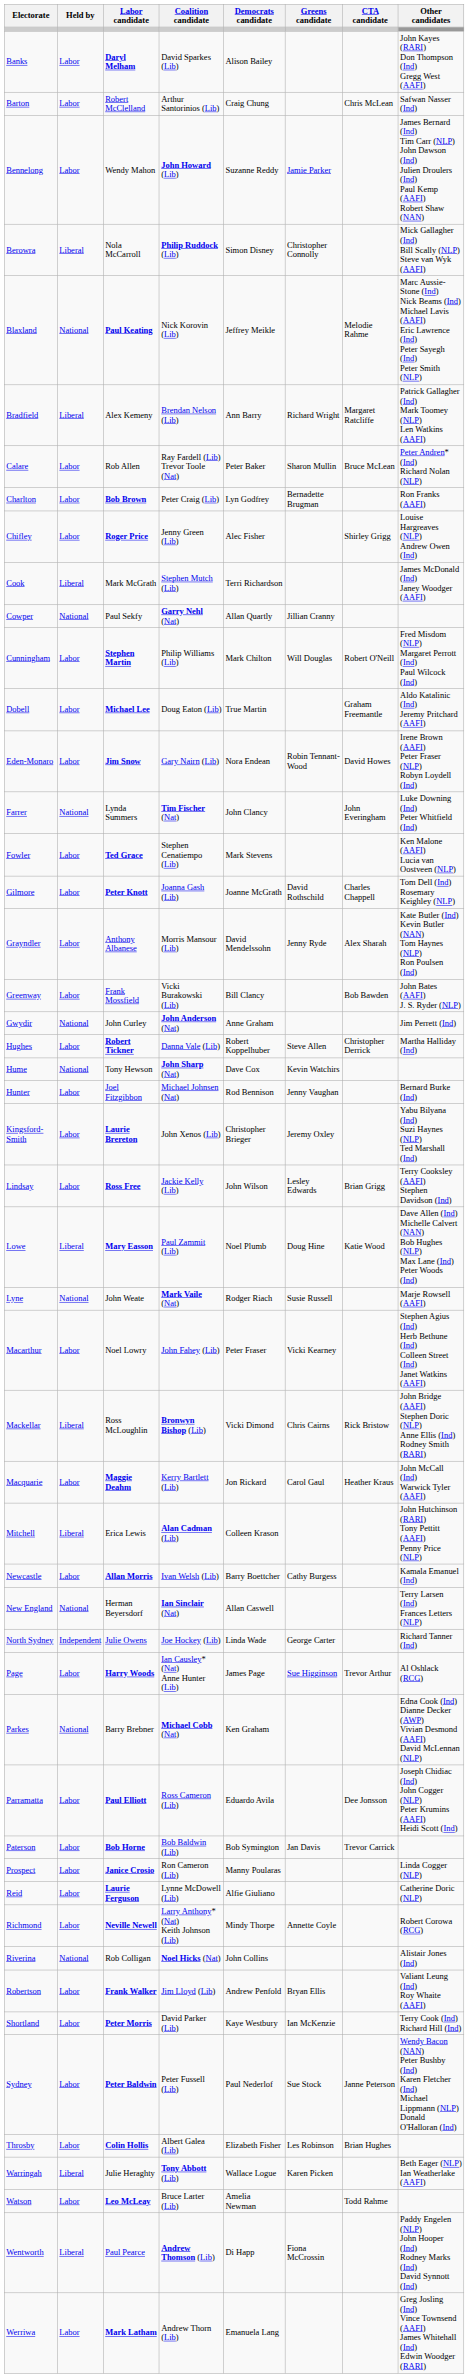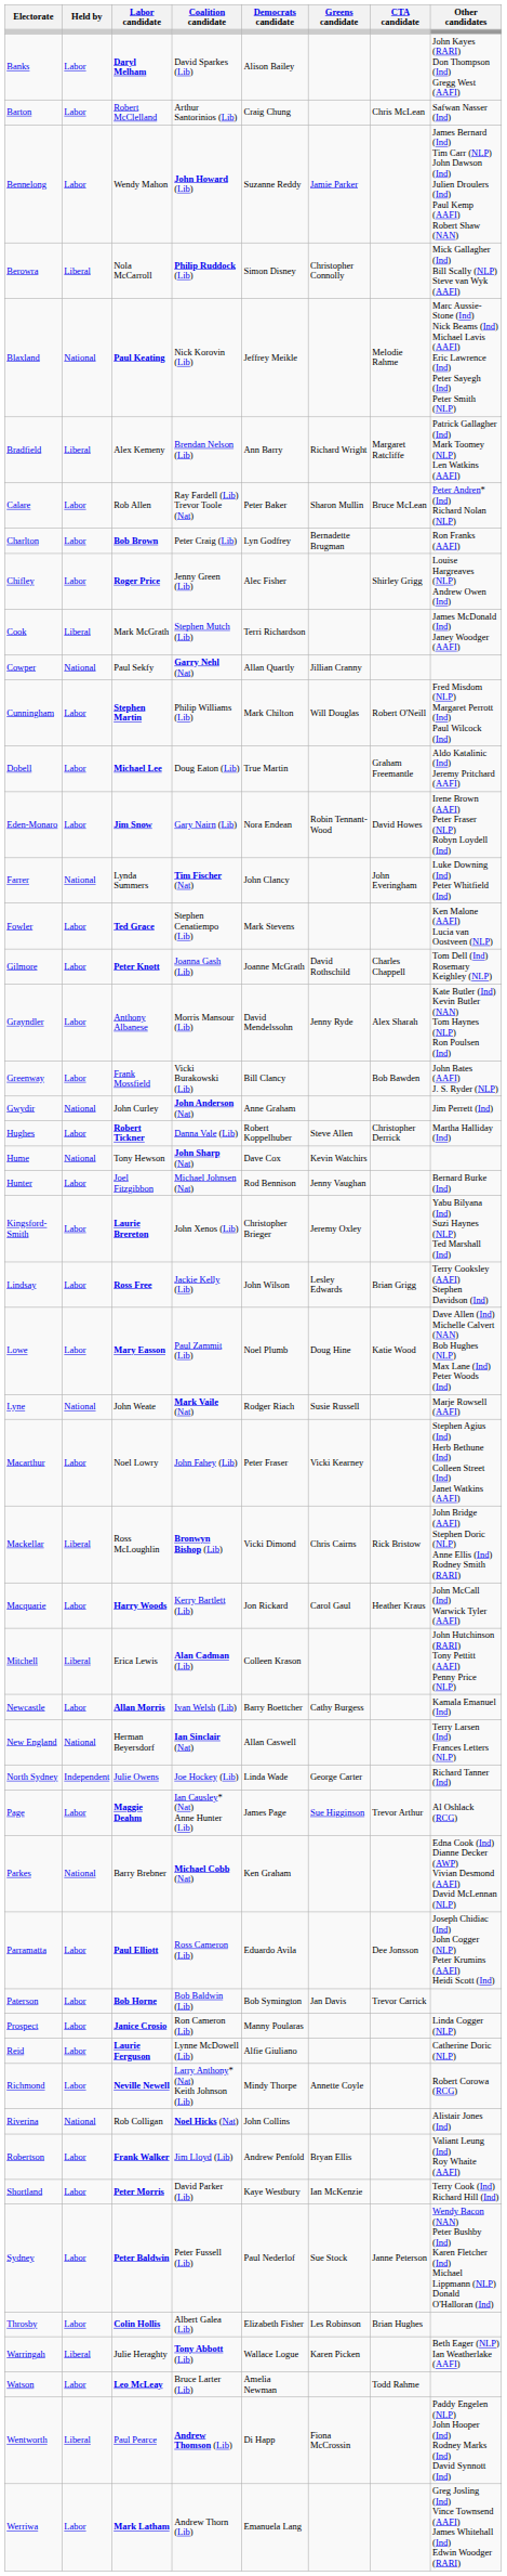 <table class="wikitable">
 <tr>
 <th>Electorate</th>
 <th>Held by</th>
 <th><a href='#'>Labor</a> candidate</th>
 <th><a href='#'>Coalition</a> candidate</th>
 <th><a href='#'>Democrats</a> candidate</th>
 <th><a href='#'>Greens</a> candidate</th>
 <th><a href='#'>CTA</a> candidate</th>
 <th>Other candidates</th>
 </tr>
 <tr bgcolor="#cccccc">
 <td></td>
 <td></td>
 <td></td>
 <td></td>
 <td></td>
 <td></td>
 <td></td>
 <td bgcolor="#999999"></td>
 </tr>
 <tr>
 <td><a href='#'>Banks</a></td>
 <td><a href='#'>Labor</a></td>
 <td><strong><a href='#'>Daryl Melham</a></strong></td>
 <td>David Sparkes (<a href='#'>Lib</a>)</td>
 <td>Alison Bailey</td>
 <td></td>
 <td></td>
 <td>John Kayes (<a href='#'>RARI</a>)<br>Don Thompson (<a href='#'>Ind</a>)<br>Gregg West (<a href='#'>AAFI</a>)</td>
 </tr>
 <tr>
 <td><a href='#'>Barton</a></td>
 <td><a href='#'>Labor</a></td>
 <td><a href='#'>Robert McClelland</a></td>
 <td>Arthur Santorinios (<a href='#'>Lib</a>)</td>
 <td>Craig Chung</td>
 <td></td>
 <td>Chris McLean</td>
 <td>Safwan Nasser (<a href='#'>Ind</a>)</td>
 </tr>
 <tr>
 <td><a href='#'>Bennelong</a></td>
 <td><a href='#'>Labor</a></td>
 <td>Wendy Mahon</td>
 <td><strong><a href='#'>John Howard</a></strong> (<a href='#'>Lib</a>)</td>
 <td>Suzanne Reddy</td>
 <td><a href='#'>Jamie Parker</a></td>
 <td></td>
 <td>James Bernard (<a href='#'>Ind</a>)<br>Tim Carr (<a href='#'>NLP</a>)<br>John Dawson (<a href='#'>Ind</a>)<br>Julien Droulers (<a href='#'>Ind</a>)<br>Paul Kemp (<a href='#'>AAFI</a>)<br>Robert Shaw (<a href='#'>NAN</a>)</td>
 </tr>
 <tr>
 <td><a href='#'>Berowra</a></td>
 <td><a href='#'>Liberal</a></td>
 <td>Nola McCarroll</td>
 <td><strong><a href='#'>Philip Ruddock</a></strong> (<a href='#'>Lib</a>)</td>
 <td>Simon Disney</td>
 <td>Christopher Connolly</td>
 <td></td>
 <td>Mick Gallagher (<a href='#'>Ind</a>)<br>Bill Scally (<a href='#'>NLP</a>)<br>Steve van Wyk (<a href='#'>AAFI</a>)</td>
 </tr>
 <tr>
 <td><a href='#'>Blaxland</a></td>
 <td><a href='#'>National</a></td>
 <td><strong><a href='#'>Paul Keating</a></strong></td>
 <td>Nick Korovin (<a href='#'>Lib</a>)</td>
 <td>Jeffrey Meikle</td>
 <td></td>
 <td>Melodie Rahme</td>
 <td>Marc Aussie-Stone (<a href='#'>Ind</a>)<br>Nick Beams (<a href='#'>Ind</a>)<br>Michael Lavis (<a href='#'>AAFI</a>)<br>Eric Lawrence (<a href='#'>Ind</a>)<br>Peter Sayegh (<a href='#'>Ind</a>)<br>Peter Smith (<a href='#'>NLP</a>)</td>
 </tr>
 <tr>
 <td><a href='#'>Bradfield</a></td>
 <td><a href='#'>Liberal</a></td>
 <td>Alex Kemeny</td>
 <td><a href='#'>Brendan Nelson</a> (<a href='#'>Lib</a>)</td>
 <td>Ann Barry</td>
 <td>Richard Wright</td>
 <td>Margaret Ratcliffe</td>
 <td>Patrick Gallagher (<a href='#'>Ind</a>)<br>Mark Toomey (<a href='#'>NLP</a>)<br>Len Watkins (<a href='#'>AAFI</a>)</td>
 </tr>
 <tr>
 <td><a href='#'>Calare</a></td>
 <td><a href='#'>Labor</a></td>
 <td>Rob Allen</td>
 <td>Ray Fardell (<a href='#'>Lib</a>)<br>Trevor Toole (<a href='#'>Nat</a>)</td>
 <td>Peter Baker</td>
 <td>Sharon Mullin</td>
 <td>Bruce McLean</td>
 <td><a href='#'>Peter Andren</a>* (<a href='#'>Ind</a>)<br>Richard Nolan (<a href='#'>NLP</a>)</td>
 </tr>
 <tr>
 <td><a href='#'>Charlton</a></td>
 <td><a href='#'>Labor</a></td>
 <td><strong><a href='#'>Bob Brown</a></strong></td>
 <td>Peter Craig (<a href='#'>Lib</a>)</td>
 <td>Lyn Godfrey</td>
 <td>Bernadette Brugman</td>
 <td></td>
 <td>Ron Franks (<a href='#'>AAFI</a>)</td>
 </tr>
 <tr>
 <td><a href='#'>Chifley</a></td>
 <td><a href='#'>Labor</a></td>
 <td><strong><a href='#'>Roger Price</a></strong></td>
 <td>Jenny Green (<a href='#'>Lib</a>)</td>
 <td>Alec Fisher</td>
 <td></td>
 <td>Shirley Grigg</td>
 <td>Louise Hargreaves (<a href='#'>NLP</a>)<br>Andrew Owen (<a href='#'>Ind</a>)</td>
 </tr>
 <tr>
 <td><a href='#'>Cook</a></td>
 <td><a href='#'>Liberal</a></td>
 <td>Mark McGrath</td>
 <td><a href='#'>Stephen Mutch</a> (<a href='#'>Lib</a>)</td>
 <td>Terri Richardson</td>
 <td></td>
 <td></td>
 <td>James McDonald (<a href='#'>Ind</a>)<br>Janey Woodger (<a href='#'>AAFI</a>)</td>
 </tr>
 <tr>
 <td><a href='#'>Cowper</a></td>
 <td><a href='#'>National</a></td>
 <td>Paul Sekfy</td>
 <td><strong><a href='#'>Garry Nehl</a></strong> (<a href='#'>Nat</a>)</td>
 <td>Allan Quartly</td>
 <td>Jillian Cranny</td>
 <td></td>
 <td></td>
 </tr>
 <tr>
 <td><a href='#'>Cunningham</a></td>
 <td><a href='#'>Labor</a></td>
 <td><strong><a href='#'>Stephen Martin</a></strong></td>
 <td>Philip Williams (<a href='#'>Lib</a>)</td>
 <td>Mark Chilton</td>
 <td>Will Douglas</td>
 <td>Robert O'Neill</td>
 <td>Fred Misdom (<a href='#'>NLP</a>)<br>Margaret Perrott (<a href='#'>Ind</a>)<br>Paul Wilcock (<a href='#'>Ind</a>)</td>
 </tr>
 <tr>
 <td><a href='#'>Dobell</a></td>
 <td><a href='#'>Labor</a></td>
 <td><strong><a href='#'>Michael Lee</a></strong></td>
 <td>Doug Eaton (<a href='#'>Lib</a>)</td>
 <td>True Martin</td>
 <td></td>
 <td>Graham Freemantle</td>
 <td>Aldo Katalinic (<a href='#'>Ind</a>)<br>Jeremy Pritchard (<a href='#'>AAFI</a>)</td>
 </tr>
 <tr>
 <td><a href='#'>Eden-Monaro</a></td>
 <td><a href='#'>Labor</a></td>
 <td><strong><a href='#'>Jim Snow</a></strong></td>
 <td><a href='#'>Gary Nairn</a> (<a href='#'>Lib</a>)</td>
 <td>Nora Endean</td>
 <td>Robin Tennant-Wood</td>
 <td>David Howes</td>
 <td>Irene Brown (<a href='#'>AAFI</a>)<br>Peter Fraser (<a href='#'>NLP</a>)<br>Robyn Loydell (<a href='#'>Ind</a>)</td>
 </tr>
 <tr>
 <td><a href='#'>Farrer</a></td>
 <td><a href='#'>National</a></td>
 <td>Lynda Summers</td>
 <td><strong><a href='#'>Tim Fischer</a></strong> (<a href='#'>Nat</a>)</td>
 <td>John Clancy</td>
 <td></td>
 <td>John Everingham</td>
 <td>Luke Downing (<a href='#'>Ind</a>)<br>Peter Whitfield (<a href='#'>Ind</a>)</td>
 </tr>
 <tr>
 <td><a href='#'>Fowler</a></td>
 <td><a href='#'>Labor</a></td>
 <td><strong><a href='#'>Ted Grace</a></strong></td>
 <td>Stephen Cenatiempo (<a href='#'>Lib</a>)</td>
 <td>Mark Stevens</td>
 <td></td>
 <td></td>
 <td>Ken Malone (<a href='#'>AAFI</a>)<br>Lucia van Oostveen (<a href='#'>NLP</a>)</td>
 </tr>
 <tr>
 <td><a href='#'>Gilmore</a></td>
 <td><a href='#'>Labor</a></td>
 <td><strong><a href='#'>Peter Knott</a></strong></td>
 <td><a href='#'>Joanna Gash</a> (<a href='#'>Lib</a>)</td>
 <td>Joanne McGrath</td>
 <td>David Rothschild</td>
 <td>Charles Chappell</td>
 <td>Tom Dell (<a href='#'>Ind</a>)<br>Rosemary Keighley (<a href='#'>NLP</a>)</td>
 </tr>
 <tr>
 <td><a href='#'>Grayndler</a></td>
 <td><a href='#'>Labor</a></td>
 <td><a href='#'>Anthony Albanese</a></td>
 <td>Morris Mansour (<a href='#'>Lib</a>)</td>
 <td>David Mendelssohn</td>
 <td>Jenny Ryde</td>
 <td>Alex Sharah</td>
 <td>Kate Butler (<a href='#'>Ind</a>)<br>Kevin Butler (<a href='#'>NAN</a>)<br>Tom Haynes (<a href='#'>NLP</a>)<br>Ron Poulsen (<a href='#'>Ind</a>)</td>
 </tr>
 <tr>
 <td><a href='#'>Greenway</a></td>
 <td><a href='#'>Labor</a></td>
 <td><a href='#'>Frank Mossfield</a></td>
 <td>Vicki Burakowski (<a href='#'>Lib</a>)</td>
 <td>Bill Clancy</td>
 <td></td>
 <td>Bob Bawden</td>
 <td>John Bates (<a href='#'>AAFI</a>)<br>J. S. Ryder (<a href='#'>NLP</a>)</td>
 </tr>
 <tr>
 <td><a href='#'>Gwydir</a></td>
 <td><a href='#'>National</a></td>
 <td>John Curley</td>
 <td><strong><a href='#'>John Anderson</a></strong> (<a href='#'>Nat</a>)</td>
 <td>Anne Graham</td>
 <td></td>
 <td></td>
 <td>Jim Perrett (<a href='#'>Ind</a>)</td>
 </tr>
 <tr>
 <td><a href='#'>Hughes</a></td>
 <td><a href='#'>Labor</a></td>
 <td><strong><a href='#'>Robert Tickner</a></strong></td>
 <td><a href='#'>Danna Vale</a> (<a href='#'>Lib</a>)</td>
 <td>Robert Koppelhuber</td>
 <td>Steve Allen</td>
 <td>Christopher Derrick</td>
 <td>Martha Halliday (<a href='#'>Ind</a>)</td>
 </tr>
 <tr>
 <td><a href='#'>Hume</a></td>
 <td><a href='#'>National</a></td>
 <td>Tony Hewson</td>
 <td><strong><a href='#'>John Sharp</a></strong> (<a href='#'>Nat</a>)</td>
 <td>Dave Cox</td>
 <td>Kevin Watchirs</td>
 <td></td>
 <td></td>
 </tr>
 <tr>
 <td><a href='#'>Hunter</a></td>
 <td><a href='#'>Labor</a></td>
 <td><a href='#'>Joel Fitzgibbon</a></td>
 <td><a href='#'>Michael Johnsen</a> (<a href='#'>Nat</a>)</td>
 <td>Rod Bennison</td>
 <td>Jenny Vaughan</td>
 <td></td>
 <td>Bernard Burke (<a href='#'>Ind</a>)</td>
 </tr>
 <tr>
 <td><a href='#'>Kingsford-Smith</a></td>
 <td><a href='#'>Labor</a></td>
 <td><strong><a href='#'>Laurie Brereton</a></strong></td>
 <td>John Xenos (<a href='#'>Lib</a>)</td>
 <td>Christopher Brieger</td>
 <td>Jeremy Oxley</td>
 <td></td>
 <td>Yabu Bilyana (<a href='#'>Ind</a>)<br>Suzi Haynes (<a href='#'>NLP</a>)<br>Ted Marshall (<a href='#'>Ind</a>)</td>
 </tr>
 <tr>
 <td><a href='#'>Lindsay</a></td>
 <td><a href='#'>Labor</a></td>
 <td><strong><a href='#'>Ross Free</a></strong></td>
 <td><a href='#'>Jackie Kelly</a> (<a href='#'>Lib</a>)</td>
 <td>John Wilson</td>
 <td>Lesley Edwards</td>
 <td>Brian Grigg</td>
 <td>Terry Cooksley (<a href='#'>AAFI</a>)<br>Stephen Davidson (<a href='#'>Ind</a>)</td>
 </tr>
 <tr>
 <td><a href='#'>Lowe</a></td>
-<td><a href='#'>Liberal</a></td>
+<td><a href='#'>Labor</a></td>
 <td><strong><a href='#'>Mary Easson</a></strong></td>
 <td><a href='#'>Paul Zammit</a> (<a href='#'>Lib</a>)</td>
 <td>Noel Plumb</td>
 <td>Doug Hine</td>
 <td>Katie Wood</td>
 <td>Dave Allen (<a href='#'>Ind</a>)<br>Michelle Calvert (<a href='#'>NAN</a>)<br>Bob Hughes (<a href='#'>NLP</a>)<br>Max Lane (<a href='#'>Ind</a>)<br>Peter Woods (<a href='#'>Ind</a>)</td>
 </tr>
 <tr>
 <td><a href='#'>Lyne</a></td>
 <td><a href='#'>National</a></td>
 <td>John Weate</td>
 <td><strong><a href='#'>Mark Vaile</a></strong> (<a href='#'>Nat</a>)</td>
 <td>Rodger Riach</td>
 <td>Susie Russell</td>
 <td></td>
 <td>Marje Rowsell (<a href='#'>AAFI</a>)</td>
 </tr>
 <tr>
 <td><a href='#'>Macarthur</a></td>
 <td><a href='#'>Labor</a></td>
 <td>Noel Lowry</td>
 <td><a href='#'>John Fahey</a> (<a href='#'>Lib</a>)</td>
 <td>Peter Fraser</td>
 <td>Vicki Kearney</td>
 <td></td>
 <td>Stephen Agius (<a href='#'>Ind</a>)<br>Herb Bethune (<a href='#'>Ind</a>)<br>Colleen Street (<a href='#'>Ind</a>)<br>Janet Watkins (<a href='#'>AAFI</a>)</td>
 </tr>
 <tr>
 <td><a href='#'>Mackellar</a></td>
 <td><a href='#'>Liberal</a></td>
 <td>Ross McLoughlin</td>
 <td><strong><a href='#'>Bronwyn Bishop</a></strong> (<a href='#'>Lib</a>)</td>
 <td>Vicki Dimond</td>
 <td>Chris Cairns</td>
 <td>Rick Bristow</td>
 <td>John Bridge (<a href='#'>AAFI</a>)<br>Stephen Doric (<a href='#'>NLP</a>)<br>Anne Ellis (<a href='#'>Ind</a>)<br>Rodney Smith (<a href='#'>RARI</a>)</td>
 </tr>
 <tr>
 <td><a href='#'>Macquarie</a></td>
 <td><a href='#'>Labor</a></td>
-<td><strong><a href='#'>Maggie Deahm</a></strong></td>
+<td><strong><a href='#'>Harry Woods</a></strong></td>
 <td><a href='#'>Kerry Bartlett</a> (<a href='#'>Lib</a>)</td>
 <td>Jon Rickard</td>
 <td>Carol Gaul</td>
 <td>Heather Kraus</td>
 <td>John McCall (<a href='#'>Ind</a>)<br>Warwick Tyler (<a href='#'>AAFI</a>)</td>
 </tr>
 <tr>
 <td><a href='#'>Mitchell</a></td>
 <td><a href='#'>Liberal</a></td>
 <td>Erica Lewis</td>
 <td><strong><a href='#'>Alan Cadman</a></strong> (<a href='#'>Lib</a>)</td>
 <td>Colleen Krason</td>
 <td></td>
 <td></td>
 <td>John Hutchinson (<a href='#'>RARI</a>)<br>Tony Pettitt (<a href='#'>AAFI</a>)<br>Penny Price (<a href='#'>NLP</a>)</td>
 </tr>
 <tr>
 <td><a href='#'>Newcastle</a></td>
 <td><a href='#'>Labor</a></td>
 <td><strong><a href='#'>Allan Morris</a></strong></td>
 <td><a href='#'>Ivan Welsh</a> (<a href='#'>Lib</a>)</td>
 <td>Barry Boettcher</td>
 <td>Cathy Burgess</td>
 <td></td>
 <td>Kamala Emanuel (<a href='#'>Ind</a>)</td>
 </tr>
 <tr>
 <td><a href='#'>New England</a></td>
 <td><a href='#'>National</a></td>
 <td>Herman Beyersdorf</td>
 <td><strong><a href='#'>Ian Sinclair</a></strong> (<a href='#'>Nat</a>)</td>
 <td>Allan Caswell</td>
 <td></td>
 <td></td>
 <td>Terry Larsen (<a href='#'>Ind</a>)<br>Frances Letters (<a href='#'>NLP</a>)</td>
 </tr>
 <tr>
 <td><a href='#'>North Sydney</a></td>
 <td><a href='#'>Independent</a></td>
 <td><a href='#'>Julie Owens</a></td>
 <td><a href='#'>Joe Hockey</a> (<a href='#'>Lib</a>)</td>
 <td>Linda Wade</td>
 <td>George Carter</td>
 <td></td>
 <td>Richard Tanner (<a href='#'>Ind</a>)</td>
 </tr>
 <tr>
 <td><a href='#'>Page</a></td>
 <td><a href='#'>Labor</a></td>
-<td><strong><a href='#'>Harry Woods</a></strong></td>
+<td><strong><a href='#'>Maggie Deahm</a></strong></td>
 <td><a href='#'>Ian Causley</a>* (<a href='#'>Nat</a>)<br>Anne Hunter (<a href='#'>Lib</a>)</td>
 <td>James Page</td>
 <td><a href='#'>Sue Higginson</a></td>
 <td>Trevor Arthur</td>
 <td>Al Oshlack (<a href='#'>RCG</a>)</td>
 </tr>
 <tr>
 <td><a href='#'>Parkes</a></td>
 <td><a href='#'>National</a></td>
 <td>Barry Brebner</td>
 <td><strong><a href='#'>Michael Cobb</a></strong> (<a href='#'>Nat</a>)</td>
 <td>Ken Graham</td>
 <td></td>
 <td></td>
 <td>Edna Cook (<a href='#'>Ind</a>)<br>Dianne Decker (<a href='#'>AWP</a>)<br>Vivian Desmond (<a href='#'>AAFI</a>)<br>David McLennan (<a href='#'>NLP</a>)</td>
 </tr>
 <tr>
 <td><a href='#'>Parramatta</a></td>
 <td><a href='#'>Labor</a></td>
 <td><strong><a href='#'>Paul Elliott</a></strong></td>
 <td><a href='#'>Ross Cameron</a> (<a href='#'>Lib</a>)</td>
 <td>Eduardo Avila</td>
 <td></td>
 <td>Dee Jonsson</td>
 <td>Joseph Chidiac (<a href='#'>Ind</a>)<br>John Cogger (<a href='#'>NLP</a>)<br>Peter Krumins (<a href='#'>AAFI</a>)<br>Heidi Scott (<a href='#'>Ind</a>)</td>
 </tr>
 <tr>
 <td><a href='#'>Paterson</a></td>
 <td><a href='#'>Labor</a></td>
 <td><strong><a href='#'>Bob Horne</a></strong></td>
 <td><a href='#'>Bob Baldwin</a> (<a href='#'>Lib</a>)</td>
 <td>Bob Symington</td>
 <td>Jan Davis</td>
 <td>Trevor Carrick</td>
 <td></td>
 </tr>
 <tr>
 <td><a href='#'>Prospect</a></td>
 <td><a href='#'>Labor</a></td>
 <td><strong><a href='#'>Janice Crosio</a></strong></td>
 <td>Ron Cameron (<a href='#'>Lib</a>)</td>
 <td>Manny Poularas</td>
 <td></td>
 <td></td>
 <td>Linda Cogger (<a href='#'>NLP</a>)</td>
 </tr>
 <tr>
 <td><a href='#'>Reid</a></td>
 <td><a href='#'>Labor</a></td>
 <td><strong><a href='#'>Laurie Ferguson</a></strong></td>
 <td>Lynne McDowell (<a href='#'>Lib</a>)</td>
 <td>Alfie Giuliano</td>
 <td></td>
 <td></td>
 <td>Catherine Doric (<a href='#'>NLP</a>)</td>
 </tr>
 <tr>
 <td><a href='#'>Richmond</a></td>
 <td><a href='#'>Labor</a></td>
 <td><strong><a href='#'>Neville Newell</a></strong></td>
 <td><a href='#'>Larry Anthony</a>* (<a href='#'>Nat</a>)<br>Keith Johnson (<a href='#'>Lib</a>)</td>
 <td>Mindy Thorpe</td>
 <td>Annette Coyle</td>
 <td></td>
 <td>Robert Corowa (<a href='#'>RCG</a>)</td>
 </tr>
 <tr>
 <td><a href='#'>Riverina</a></td>
 <td><a href='#'>National</a></td>
 <td>Rob Colligan</td>
 <td><strong><a href='#'>Noel Hicks</a></strong> (<a href='#'>Nat</a>)</td>
 <td>John Collins</td>
 <td></td>
 <td></td>
 <td>Alistair Jones (<a href='#'>Ind</a>)</td>
 </tr>
 <tr>
 <td><a href='#'>Robertson</a></td>
 <td><a href='#'>Labor</a></td>
 <td><strong><a href='#'>Frank Walker</a></strong></td>
 <td><a href='#'>Jim Lloyd</a> (<a href='#'>Lib</a>)</td>
 <td>Andrew Penfold</td>
 <td>Bryan Ellis</td>
 <td></td>
 <td>Valiant Leung (<a href='#'>Ind</a>)<br>Roy Whaite (<a href='#'>AAFI</a>)</td>
 </tr>
 <tr>
 <td><a href='#'>Shortland</a></td>
 <td><a href='#'>Labor</a></td>
 <td><strong><a href='#'>Peter Morris</a></strong></td>
 <td>David Parker (<a href='#'>Lib</a>)</td>
 <td>Kaye Westbury</td>
 <td>Ian McKenzie</td>
 <td></td>
 <td>Terry Cook (<a href='#'>Ind</a>)<br>Richard Hill (<a href='#'>Ind</a>)</td>
 </tr>
 <tr>
 <td><a href='#'>Sydney</a></td>
 <td><a href='#'>Labor</a></td>
 <td><strong><a href='#'>Peter Baldwin</a></strong></td>
 <td>Peter Fussell (<a href='#'>Lib</a>)</td>
 <td>Paul Nederlof</td>
 <td>Sue Stock</td>
 <td>Janne Peterson</td>
 <td><a href='#'>Wendy Bacon</a> (<a href='#'>NAN</a>)<br>Peter Bushby (<a href='#'>Ind</a>)<br>Karen Fletcher (<a href='#'>Ind</a>)<br>Michael Lippmann (<a href='#'>NLP</a>)<br>Donald O'Halloran (<a href='#'>Ind</a>)</td>
 </tr>
 <tr>
 <td><a href='#'>Throsby</a></td>
 <td><a href='#'>Labor</a></td>
 <td><strong><a href='#'>Colin Hollis</a></strong></td>
 <td>Albert Galea (<a href='#'>Lib</a>)</td>
 <td>Elizabeth Fisher</td>
 <td>Les Robinson</td>
 <td>Brian Hughes</td>
 <td></td>
 </tr>
 <tr>
 <td><a href='#'>Warringah</a></td>
 <td><a href='#'>Liberal</a></td>
 <td>Julie Heraghty</td>
 <td><strong><a href='#'>Tony Abbott</a></strong> (<a href='#'>Lib</a>)</td>
 <td>Wallace Logue</td>
 <td>Karen Picken</td>
 <td></td>
 <td>Beth Eager (<a href='#'>NLP</a>)<br>Ian Weatherlake (<a href='#'>AAFI</a>)</td>
 </tr>
 <tr>
 <td><a href='#'>Watson</a></td>
 <td><a href='#'>Labor</a></td>
 <td><strong><a href='#'>Leo McLeay</a></strong></td>
 <td>Bruce Larter (<a href='#'>Lib</a>)</td>
 <td>Amelia Newman</td>
 <td></td>
 <td>Todd Rahme</td>
 <td></td>
 </tr>
 <tr>
 <td><a href='#'>Wentworth</a></td>
 <td><a href='#'>Liberal</a></td>
 <td><a href='#'>Paul Pearce</a></td>
 <td><strong><a href='#'>Andrew Thomson</a></strong> (<a href='#'>Lib</a>)</td>
 <td>Di Happ</td>
 <td>Fiona McCrossin</td>
 <td></td>
 <td>Paddy Engelen (<a href='#'>NLP</a>)<br>John Hooper (<a href='#'>Ind</a>)<br>Rodney Marks (<a href='#'>Ind</a>)<br>David Synnott (<a href='#'>Ind</a>)</td>
 </tr>
 <tr>
 <td><a href='#'>Werriwa</a></td>
 <td><a href='#'>Labor</a></td>
 <td><strong><a href='#'>Mark Latham</a></strong></td>
 <td>Andrew Thorn (<a href='#'>Lib</a>)</td>
 <td>Emanuela Lang</td>
 <td></td>
 <td></td>
 <td>Greg Josling (<a href='#'>Ind</a>)<br>Vince Townsend (<a href='#'>AAFI</a>)<br>James Whitehall (<a href='#'>Ind</a>)<br>Edwin Woodger (<a href='#'>RARI</a>)</td>
 </tr>
 </table>
